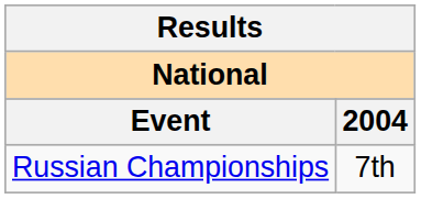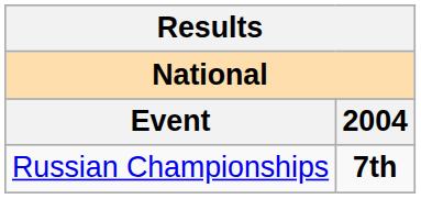 <table class="wikitable" style="text-align:center">
 <tr>
 <th colspan=2 align=center><strong>Results</strong></th>
 </tr>
 <tr>
 <th style="background-color: #ffdead; " colspan=2 align=center><strong>National</strong></th>
 </tr>
 <tr>
 <th>Event</th>
 <th>2004</th>
 </tr>
 <tr>
 <td align=left><a href='#'>Russian Championships</a></td>
-<td>7th</td>
+<td><strong>7th</strong></td>
 </tr>
 </table>
